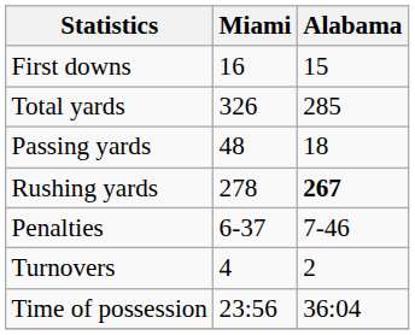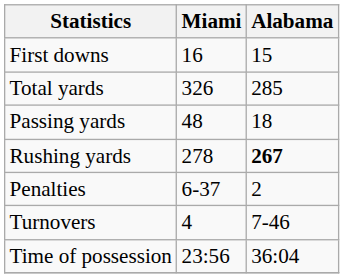 <table class="wikitable" style="float: left;">
 <tr>
 <th>Statistics</th>
 <th>Miami</th>
 <th>Alabama</th>
 </tr>
 <tr>
 <td>First downs</td>
 <td>16</td>
 <td>15</td>
 </tr>
 <tr>
 <td>Total yards</td>
 <td>326</td>
 <td>285</td>
 </tr>
 <tr>
 <td>Passing yards</td>
 <td>48</td>
 <td>18</td>
 </tr>
 <tr>
 <td>Rushing yards</td>
 <td>278</td>
 <td><strong>267</strong></td>
 </tr>
 <tr>
 <td>Penalties</td>
 <td>6-37</td>
-<td>7-46</td>
+<td>2</td>
 </tr>
 <tr>
 <td>Turnovers</td>
 <td>4</td>
-<td>2</td>
+<td>7-46</td>
 </tr>
 <tr>
 <td>Time of possession</td>
 <td>23:56</td>
 <td>36:04</td>
 </tr>
 <tr>
 </tr>
 </table>
